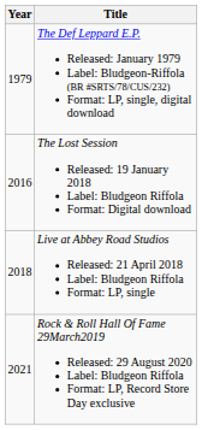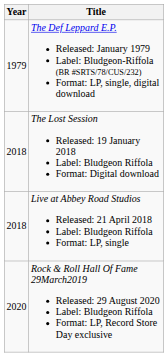 <table class="wikitable" style="text-align:center;">
 <tr>
 <th width="25">Year</th>
 <th width="210">Title</th>
 </tr>
 <tr>
 <td align="center">1979</td>
 <td align="left"><em><a href='#'>The Def Leppard E.P.</a></em><br><ul><li>Released: January 1979</li><li>Label: Bludgeon-Riffola <br><small>(BR #SRTS/78/CUS/232)</small></li><li>Format: LP, single, digital download</li></ul></td>
 </tr>
 <tr>
-<td align="center">2016</td>
+<td align="center">2018</td>
 <td align="left"><em>The Lost Session</em><br><ul><li>Released: 19 January 2018</li><li>Label: Bludgeon Riffola</li><li>Format: Digital download</li></ul></td>
 </tr>
 <tr>
 <td align="center">2018</td>
 <td align="left"><em>Live at Abbey Road Studios</em><br><ul><li>Released: 21 April 2018</li><li>Label: Bludgeon Riffola</li><li>Format: LP, single</li></ul></td>
 </tr>
 <tr>
-<td align="center">2021</td>
+<td align="center">2020</td>
 <td align="left"><em>Rock & Roll Hall Of Fame 29March2019</em><br><ul><li>Released: 29 August 2020</li><li>Label: Bludgeon Riffola</li><li>Format: LP, Record Store Day exclusive</li></ul></td>
 </tr>
 </table>
